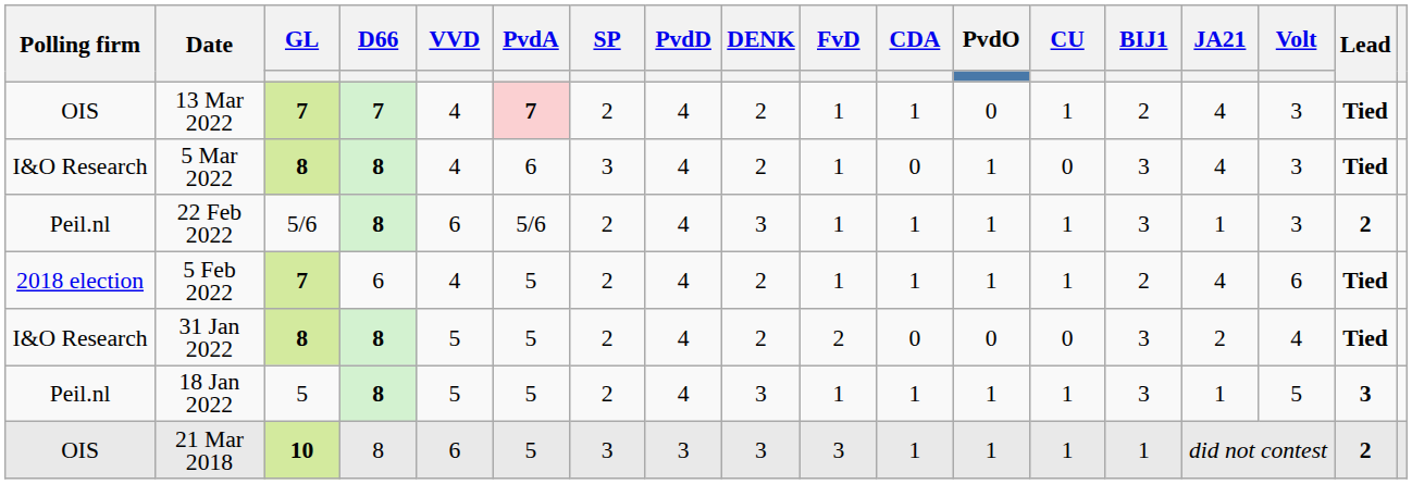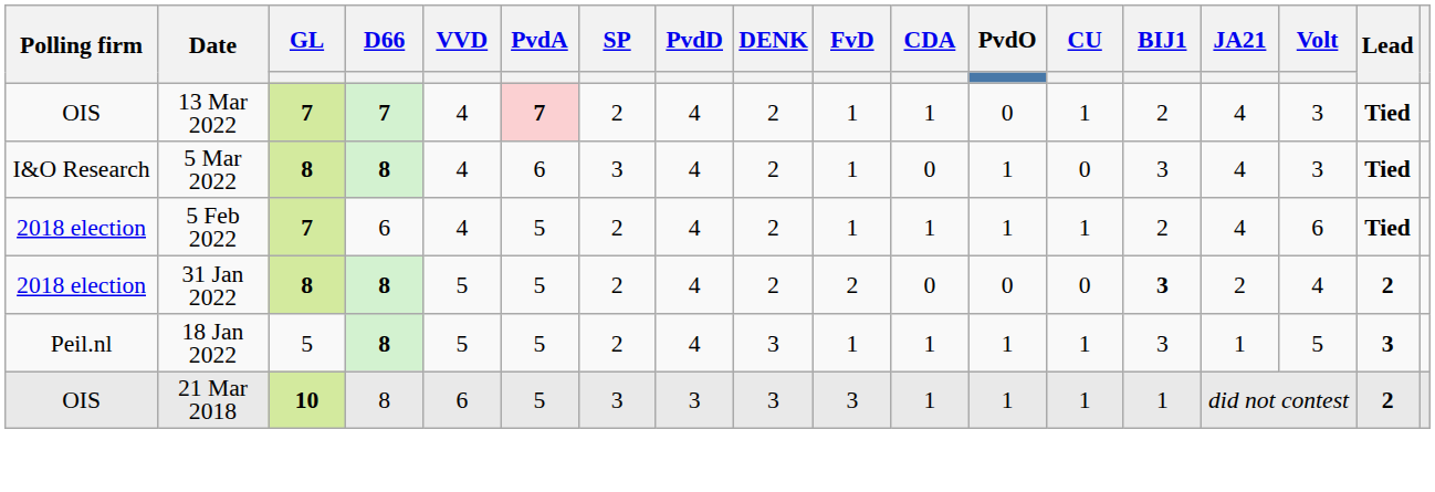 <table class="wikitable sortable" style="text-align:center;font-size:90%;line-height:14px;">
 <tr style="height:40px;">
 <th style="width:85px;" rowspan="2">Polling firm</th>
 <th style="width:60px;" rowspan="2">Date</th>
 <th class="unsortable" style="width:40px;"><a href='#'>GL</a></th>
 <th class="unsortable" style="width:40px;"><a href='#'>D66</a></th>
 <th class="unsortable" style="width:40px;"><a href='#'>VVD</a></th>
 <th class="unsortable" style="width:40px;"><a href='#'>PvdA</a></th>
 <th class="unsortable" style="width:40px;"><a href='#'>SP</a></th>
 <th class="unsortable" style="width:40px;"><a href='#'>PvdD</a></th>
 <th class="unsortable" style="width:40px;"><a href='#'>DENK</a></th>
 <th class="unsortable" style="width:40px;"><a href='#'>FvD</a></th>
 <th class="unsortable" style="width:40px;"><a href='#'>CDA</a></th>
 <th class="unsortable" style="width:40px;">PvdO </th>
 <th class="unsortable" style="width:40px;"><a href='#'>CU</a></th>
 <th class="unsortable" style="width:40px;"><a href='#'>BIJ1</a></th>
 <th class="unsortable" style="width:40px;"><a href='#'>JA21</a></th>
 <th class="unsortable" style="width:40px;"><a href='#'>Volt</a></th>
 <th style="width:30px;" rowspan="2">Lead</th>
 <th rowspan="2" class="unsortable"></th>
 </tr>
 <tr>
 <th style="background:"></th>
 <th style="background:"></th>
 <th style="background:"></th>
 <th style="background:"></th>
 <th style="background:"></th>
 <th style="background:"></th>
 <th style="background:"></th>
 <th style="background:"></th>
 <th style="background:"></th>
 <th style="background:#4878a8;"></th>
 <th style="background:"></th>
 <th style="background:"></th>
 <th style="background:"></th>
 <th style="background:"></th>
 </tr>
 <tr>
 <td>OIS</td>
 <td data-sort-value="2022-03-13">13 Mar 2022</td>
 <td style="background:#d3ea9e"><strong>7</strong></td>
 <td style="background:#D3F2D0"><strong>7</strong></td>
 <td>4</td>
 <td style="background:#FBD0D2"><strong>7</strong></td>
 <td>2</td>
 <td>4</td>
 <td>2</td>
 <td>1</td>
 <td>1</td>
 <td>0</td>
 <td>1</td>
 <td>2</td>
 <td>4</td>
 <td>3</td>
 <td><strong>Tied</strong></td>
 <td></td>
 </tr>
 <tr>
 <td>I&O Research</td>
 <td data-sort-value="2022-03-05">5 Mar 2022</td>
 <td style="background:#d3ea9e"><strong>8</strong></td>
 <td style="background:#D3F2D0"><strong>8</strong></td>
 <td>4</td>
 <td>6</td>
 <td>3</td>
 <td>4</td>
 <td>2</td>
 <td>1</td>
 <td>0</td>
 <td>1</td>
 <td>0</td>
 <td>3</td>
 <td>4</td>
 <td>3</td>
 <td><strong>Tied</strong></td>
 <td></td>
 </tr>
 <tr>
-<td>Peil.nl</td>
-<td data-sort-value="2022-02-22">22 Feb 2022</td>
-<td>5/6</td>
-<td style="background:#D3F2D0"><strong>8</strong></td>
-<td>6</td>
-<td>5/6</td>
-<td>2</td>
-<td>4</td>
-<td>3</td>
-<td>1</td>
-<td>1</td>
-<td>1</td>
-<td>1</td>
-<td>3</td>
-<td>1</td>
-<td>3</td>
-<td style="background:"><strong>2</strong></td>
-<td></td>
-</tr>
-<tr>
 <td><a href='#'>2018 election</a></td>
 <td data-sort-value="2022-02-05">5 Feb 2022</td>
 <td style="background:#d3ea9e"><strong>7</strong></td>
 <td>6</td>
 <td>4</td>
 <td>5</td>
 <td>2</td>
 <td>4</td>
 <td>2</td>
 <td>1</td>
 <td>1</td>
 <td>1</td>
 <td>1</td>
 <td>2</td>
 <td>4</td>
 <td>6</td>
 <td><strong>Tied</strong></td>
 <td></td>
 </tr>
 <tr>
-<td>I&O Research</td>
+<td><a href='#'>2018 election</a></td>
 <td data-sort-value="2022-01-31">31 Jan 2022</td>
 <td style="background:#d3ea9e"><strong>8</strong></td>
 <td style="background:#D3F2D0"><strong>8</strong></td>
 <td>5</td>
 <td>5</td>
 <td>2</td>
 <td>4</td>
 <td>2</td>
 <td>2</td>
 <td>0</td>
 <td>0</td>
 <td>0</td>
-<td>3</td>
+<td><strong>3</strong></td>
 <td>2</td>
 <td>4</td>
-<td><strong>Tied</strong></td>
+<td style="background:"><strong>2</strong></td>
 <td></td>
 </tr>
 <tr>
 <td>Peil.nl</td>
 <td data-sort-value="2022-01-18">18 Jan 2022</td>
 <td>5</td>
 <td style="background:#D3F2D0"><strong>8</strong></td>
 <td>5</td>
 <td>5</td>
 <td>2</td>
 <td>4</td>
 <td>3</td>
 <td>1</td>
 <td>1</td>
 <td>1</td>
 <td>1</td>
 <td>3</td>
 <td>1</td>
 <td>5</td>
 <td style="background:"><strong>3</strong></td>
 <td></td>
 </tr>
 <tr style="background-color:#E9E9E9">
 <td>OIS</td>
 <td data-sort-value="2018-03-21">21 Mar 2018</td>
 <td style="background:#d3ea9e"><strong>10</strong></td>
 <td>8</td>
 <td>6</td>
 <td>5</td>
 <td>3</td>
 <td>3</td>
 <td>3</td>
 <td>3</td>
 <td>1</td>
 <td>1</td>
 <td>1</td>
 <td>1</td>
 <td colspan=2><em>did not contest</em></td>
 <td style="background:"><strong>2</strong></td>
 <td></td>
 </tr>
 </table>
